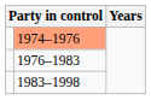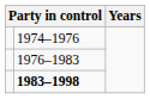 <table class="wikitable">
 <tr>
 <th colspan="2">Party in control</th>
 <th>Years</th>
 </tr>
 <tr>
 <td></td>
-<td style="background: lightsalmon;">1974–1976</td>
+<td>1974–1976</td>
 </tr>
 <tr>
 <td></td>
 <td>1976–1983</td>
 </tr>
 <tr>
 <td></td>
-<td>1983–1998</td>
+<td><strong>1983–1998</strong></td>
 </tr>
 </table>
